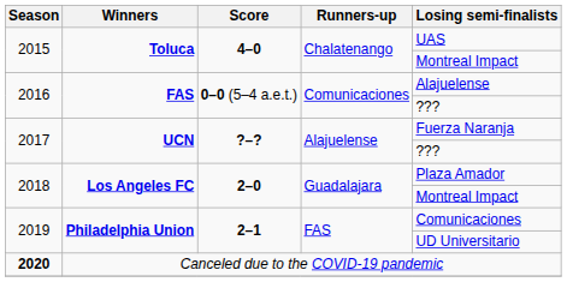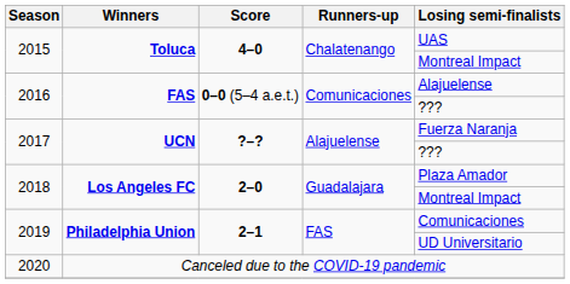 <table class="wikitable sortable" style="text-align:center;">
 <tr>
 <th>Season</th>
 <th>Winners</th>
 <th>Score</th>
 <th>Runners-up</th>
 <th>Losing semi-finalists</th>
 </tr>
 <tr>
 <td rowspan="2">2015</td>
 <td rowspan="2" align="right"><strong><a href='#'>Toluca</a></strong> </td>
 <td rowspan="2"><strong>4–0</strong></td>
 <td rowspan="2" align="left"> <a href='#'>Chalatenango</a></td>
 <td align="left"> <a href='#'>UAS</a></td>
 </tr>
 <tr>
 <td align="left"> <a href='#'>Montreal Impact</a></td>
 </tr>
 <tr>
 <td rowspan="2">2016</td>
 <td rowspan="2" align="right"><strong><a href='#'>FAS</a></strong> </td>
 <td rowspan="2"><strong>0–0</strong> (5–4 a.e.t.)</td>
 <td rowspan="2" align="left"> <a href='#'>Comunicaciones</a></td>
 <td align="left"> <a href='#'>Alajuelense</a></td>
 </tr>
 <tr>
 <td align="left">???</td>
 </tr>
 <tr>
 <td rowspan="2">2017</td>
 <td rowspan="2" align="right"><strong><a href='#'>UCN</a></strong> </td>
 <td rowspan="2"><strong>?–?</strong></td>
 <td rowspan="2" align="left"> <a href='#'>Alajuelense</a></td>
 <td align="left"> <a href='#'>Fuerza Naranja</a></td>
 </tr>
 <tr>
 <td align="left">???</td>
 </tr>
 <tr>
 <td rowspan="2">2018</td>
 <td rowspan="2" align="right"><strong><a href='#'>Los Angeles FC</a></strong> </td>
 <td rowspan="2"><strong>2–0</strong></td>
 <td rowspan="2" align="left"> <a href='#'>Guadalajara</a></td>
 <td align="left"> <a href='#'>Plaza Amador</a></td>
 </tr>
 <tr>
 <td align="left"> <a href='#'>Montreal Impact</a></td>
 </tr>
 <tr>
 <td rowspan="2">2019</td>
 <td rowspan="2" align="right"><strong><a href='#'>Philadelphia Union</a></strong> </td>
 <td rowspan="2"><strong>2–1</strong></td>
 <td rowspan="2" align="left"> <a href='#'>FAS</a></td>
 <td align="left"> <a href='#'>Comunicaciones</a></td>
 </tr>
 <tr>
 <td align="left"> <a href='#'>UD Universitario</a></td>
 </tr>
 <tr>
-<td><strong>2020</strong></td>
+<td>2020</td>
 <td colspan="4"><em>Canceled due to the <a href='#'>COVID-19 pandemic</a></em></td>
 </tr>
 <tr>
 </tr>
 </table>
